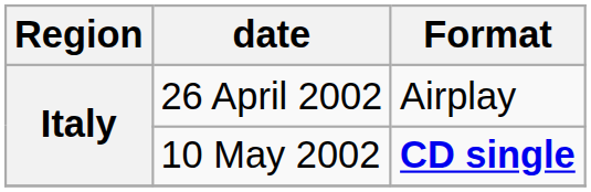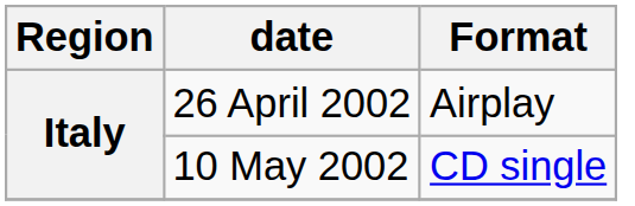 <table class="wikitable plainrowheaders">
 <tr>
 <th>Region</th>
 <th>date</th>
 <th>Format</th>
 </tr>
 <tr>
 <th rowspan="2" scope="row">Italy</th>
 <td>26 April 2002</td>
 <td>Airplay</td>
 </tr>
 <tr>
 <td>10 May 2002</td>
-<td><strong><a href='#'>CD single</a></strong></td>
+<td><a href='#'>CD single</a></td>
 </tr>
 <tr>
 </tr>
 </table>
